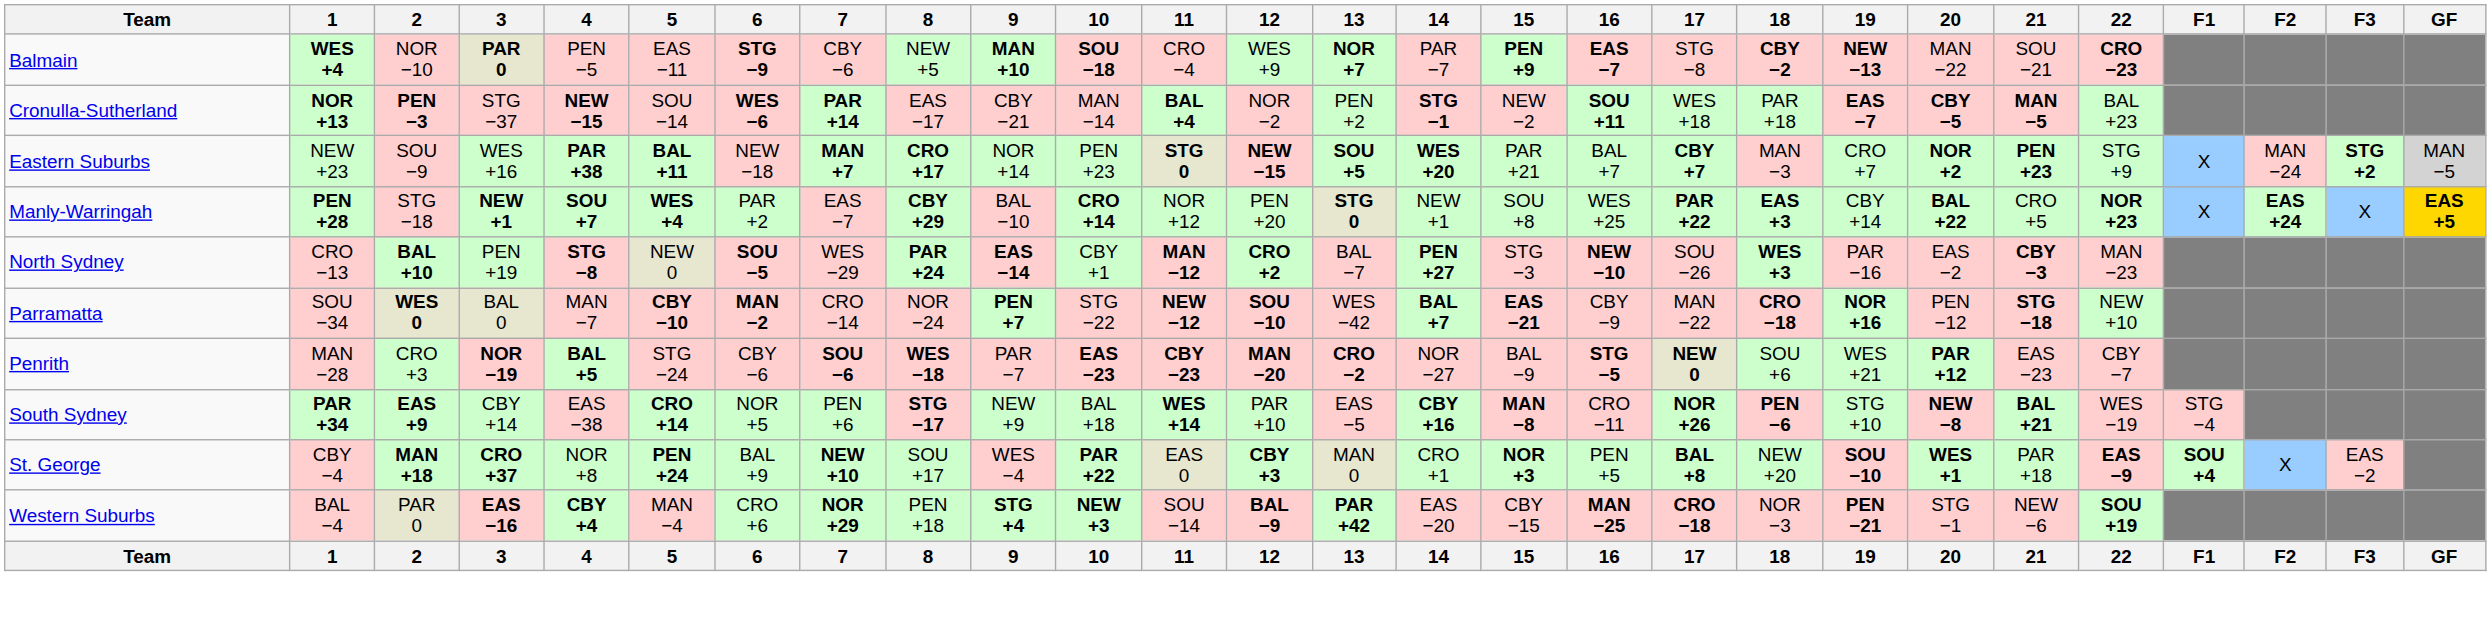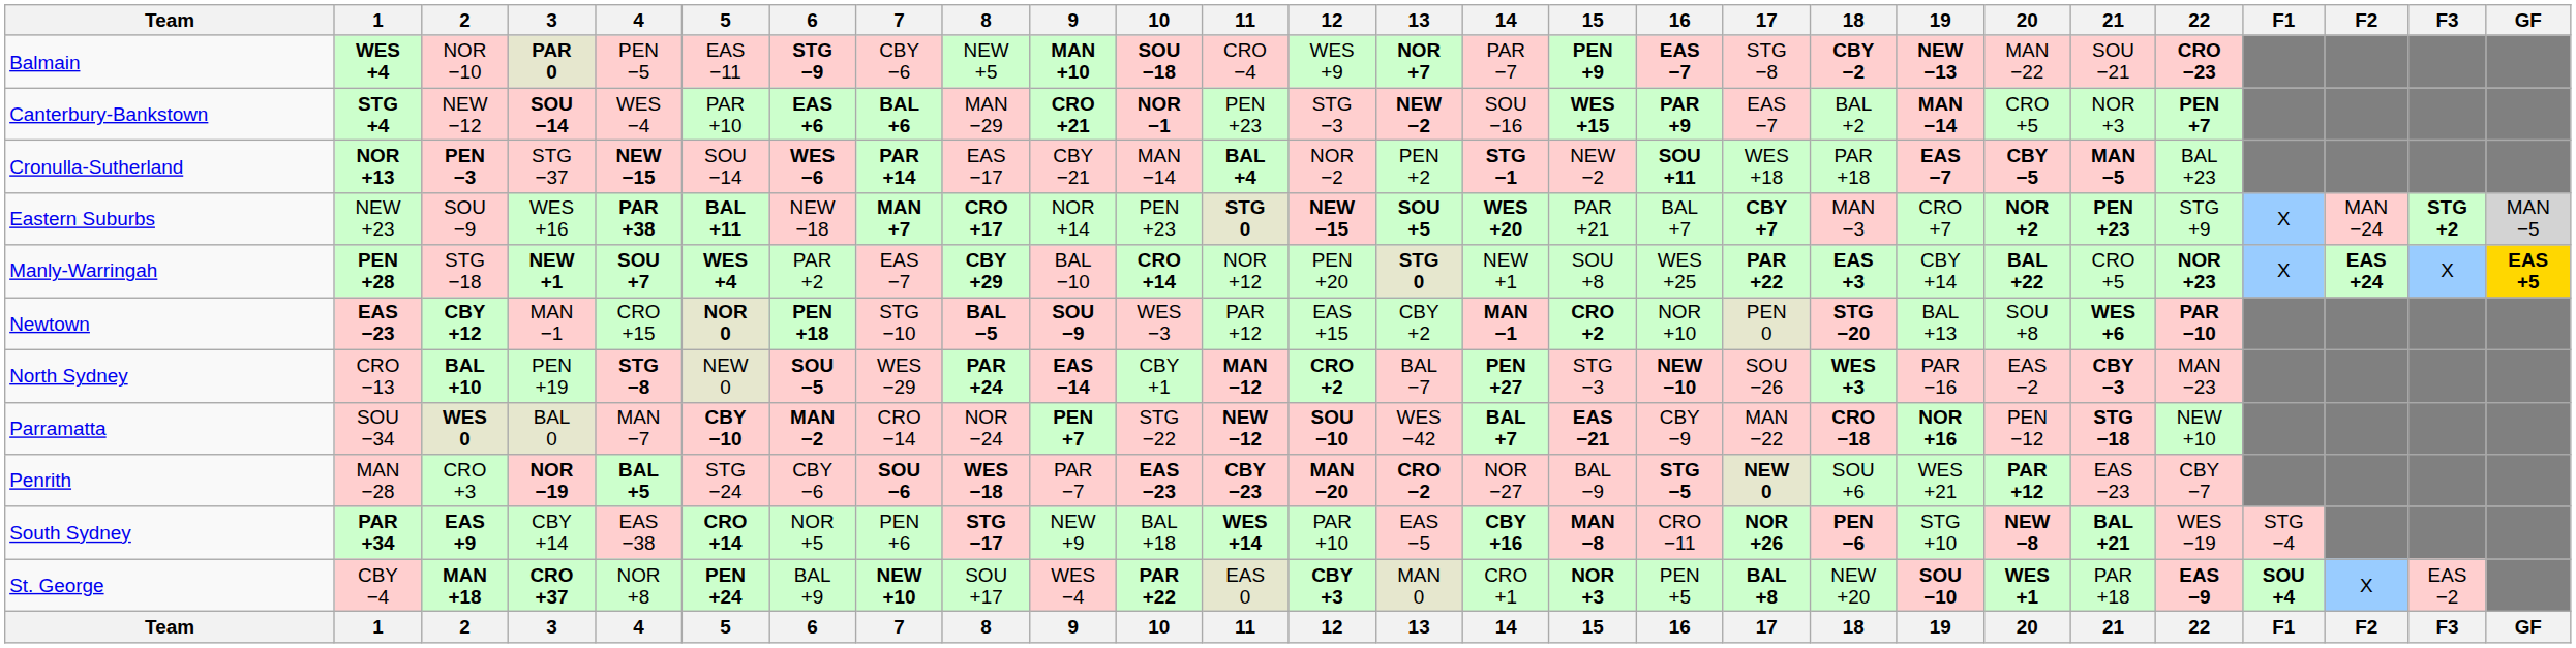 <table class="wikitable sortable" style="font-size:85%; text-align:center; width:90%">
 <tr valign="top">
 <th valign="middle">Team</th>
 <th>1</th>
 <th>2</th>
 <th>3</th>
 <th>4</th>
 <th>5</th>
 <th>6</th>
 <th>7</th>
 <th>8</th>
 <th>9</th>
 <th>10</th>
 <th>11</th>
 <th>12</th>
 <th>13</th>
 <th>14</th>
 <th>15</th>
 <th>16</th>
 <th>17</th>
 <th>18</th>
 <th>19</th>
 <th>20</th>
 <th>21</th>
 <th>22</th>
 <th>F1</th>
 <th>F2</th>
 <th>F3</th>
 <th>GF</th>
 </tr>
 <tr>
 <td align="left"><a href='#'>Balmain</a></td>
 <td style="background:#cfc;"><strong>WES<br>+4</strong></td>
 <td style="background:#FFCFCF;">NOR<br>−10</td>
 <td style="background:#E6E7CE"><strong>PAR<br>0</strong></td>
 <td style="background:#FFCFCF;">PEN<br>−5</td>
 <td style="background:#FFCFCF;">EAS<br>−11</td>
 <td style="background:#FFCFCF;"><strong>STG<br>−9</strong></td>
 <td style="background:#FFCFCF;">CBY<br>−6</td>
 <td style="background:#cfc;">NEW<br>+5</td>
 <td style="background:#cfc;"><strong>MAN<br>+10</strong></td>
 <td style="background:#FFCFCF;"><strong>SOU<br>−18</strong></td>
 <td style="background:#FFCFCF;">CRO<br>−4</td>
 <td style="background:#cfc;">WES<br>+9</td>
 <td style="background:#cfc;"><strong>NOR<br>+7</strong></td>
 <td style="background:#FFCFCF;">PAR<br>−7</td>
 <td style="background:#cfc;"><strong>PEN<br>+9</strong></td>
 <td style="background:#FFCFCF;"><strong>EAS<br>−7</strong></td>
 <td style="background:#FFCFCF;">STG<br>−8</td>
 <td style="background:#FFCFCF;"><strong>CBY<br>−2</strong></td>
 <td style="background:#FFCFCF;"><strong>NEW<br>−13</strong></td>
 <td style="background:#FFCFCF;">MAN<br>−22</td>
 <td style="background:#FFCFCF;">SOU<br>−21</td>
 <td style="background:#FFCFCF;"><strong>CRO<br>−23</strong></td>
+<td style="background:#808080;"></td>
+<td style="background:#808080;"></td>
+<td style="background:#808080;"></td>
+<td style="background:#808080;"></td>
+</tr>
+<tr>
+<td align="left"><a href='#'>Canterbury-Bankstown</a></td>
+<td style="background:#cfc;"><strong>STG<br>+4</strong></td>
+<td style="background:#FFCFCF;">NEW<br>−12</td>
+<td style="background:#FFCFCF;"><strong>SOU<br>−14</strong></td>
+<td style="background:#FFCFCF;">WES<br>−4</td>
+<td style="background:#cfc;">PAR<br>+10</td>
+<td style="background:#cfc;"><strong>EAS<br>+6</strong></td>
+<td style="background:#cfc;"><strong>BAL<br>+6</strong></td>
+<td style="background:#FFCFCF;">MAN<br>−29</td>
+<td style="background:#cfc;"><strong>CRO<br>+21</strong></td>
+<td style="background:#FFCFCF;"><strong>NOR<br>−1</strong></td>
+<td style="background:#cfc;">PEN<br>+23</td>
+<td style="background:#FFCFCF;">STG<br>−3</td>
+<td style="background:#FFCFCF;"><strong>NEW<br>−2</strong></td>
+<td style="background:#FFCFCF;">SOU<br>−16</td>
+<td style="background:#cfc;"><strong>WES<br>+15</strong></td>
+<td style="background:#cfc;"><strong>PAR<br>+9</strong></td>
+<td style="background:#FFCFCF;">EAS<br>−7</td>
+<td style="background:#cfc;">BAL<br>+2</td>
+<td style="background:#FFCFCF;"><strong>MAN<br>−14</strong></td>
+<td style="background:#cfc;">CRO<br>+5</td>
+<td style="background:#cfc;">NOR<br>+3</td>
+<td style="background:#cfc;"><strong>PEN<br>+7</strong></td>
 <td style="background:#808080;"></td>
 <td style="background:#808080;"></td>
 <td style="background:#808080;"></td>
 <td style="background:#808080;"></td>
 </tr>
 <tr>
 <td align="left"><a href='#'>Cronulla-Sutherland</a></td>
 <td style="background:#cfc;"><strong>NOR<br>+13</strong></td>
 <td style="background:#FFCFCF;"><strong>PEN<br>−3</strong></td>
 <td style="background:#FFCFCF;">STG<br>−37</td>
 <td style="background:#FFCFCF;"><strong>NEW<br>−15</strong></td>
 <td style="background:#FFCFCF;">SOU<br>−14</td>
 <td style="background:#FFCFCF;"><strong>WES<br>−6</strong></td>
 <td style="background:#cfc;"><strong>PAR<br>+14</strong></td>
 <td style="background:#FFCFCF;">EAS<br>−17</td>
 <td style="background:#FFCFCF;">CBY<br>−21</td>
 <td style="background:#FFCFCF;">MAN<br>−14</td>
 <td style="background:#cfc;"><strong>BAL<br>+4</strong></td>
 <td style="background:#FFCFCF;">NOR<br>−2</td>
 <td style="background:#cfc;">PEN<br>+2</td>
 <td style="background:#FFCFCF;"><strong>STG<br>−1</strong></td>
 <td style="background:#FFCFCF;">NEW<br>−2</td>
 <td style="background:#cfc;"><strong>SOU<br>+11</strong></td>
 <td style="background:#cfc;">WES<br>+18</td>
 <td style="background:#cfc;">PAR<br>+18</td>
 <td style="background:#FFCFCF;"><strong>EAS<br>−7</strong></td>
 <td style="background:#FFCFCF;"><strong>CBY<br>−5</strong></td>
 <td style="background:#FFCFCF;"><strong>MAN<br>−5</strong></td>
 <td style="background:#cfc;">BAL<br>+23</td>
 <td style="background:#808080;"></td>
 <td style="background:#808080;"></td>
 <td style="background:#808080;"></td>
 <td style="background:#808080;"></td>
 </tr>
 <tr>
 <td align="left"><a href='#'>Eastern Suburbs</a></td>
 <td style="background:#cfc;">NEW<br>+23</td>
 <td style="background:#FFCFCF;">SOU<br>−9</td>
 <td style="background:#cfc;">WES<br>+16</td>
 <td style="background:#cfc;"><strong>PAR<br>+38</strong></td>
 <td style="background:#cfc;"><strong>BAL<br>+11</strong></td>
 <td style="background:#FFCFCF;">NEW<br>−18</td>
 <td style="background:#cfc;"><strong>MAN<br>+7</strong></td>
 <td style="background:#cfc;"><strong>CRO<br>+17</strong></td>
 <td style="background:#cfc;">NOR<br>+14</td>
 <td style="background:#cfc;">PEN<br>+23</td>
 <td style="background:#E6E7CE"><strong>STG<br>0</strong></td>
 <td style="background:#FFCFCF;"><strong>NEW<br>−15</strong></td>
 <td style="background:#cfc;"><strong>SOU<br>+5</strong></td>
 <td style="background:#cfc;"><strong>WES<br>+20</strong></td>
 <td style="background:#cfc;">PAR<br>+21</td>
 <td style="background:#cfc;">BAL<br>+7</td>
 <td style="background:#cfc;"><strong>CBY<br>+7</strong></td>
 <td style="background:#FFCFCF;">MAN<br>−3</td>
 <td style="background:#cfc;">CRO<br>+7</td>
 <td style="background:#cfc;"><strong>NOR<br>+2</strong></td>
 <td style="background:#cfc;"><strong>PEN<br>+23</strong></td>
 <td style="background:#cfc;">STG<br>+9</td>
 <td style="background:#99ccff;">X</td>
 <td style="background:#FFCFCF;">MAN<br>−24</td>
 <td style="background:#cfc;"><strong>STG<br>+2</strong></td>
 <td style="background:#D3D3D3;">MAN<br>−5</td>
 </tr>
 <tr>
 <td align="left"><a href='#'>Manly-Warringah</a></td>
 <td style="background:#cfc;"><strong>PEN<br>+28</strong></td>
 <td style="background:#FFCFCF;">STG<br>−18</td>
 <td style="background:#cfc;"><strong>NEW<br>+1</strong></td>
 <td style="background:#cfc;"><strong>SOU<br>+7</strong></td>
 <td style="background:#cfc;"><strong>WES<br>+4</strong></td>
 <td style="background:#cfc;">PAR<br>+2</td>
 <td style="background:#FFCFCF;">EAS<br>−7</td>
 <td style="background:#cfc;"><strong>CBY<br>+29</strong></td>
 <td style="background:#FFCFCF;">BAL<br>−10</td>
 <td style="background:#cfc;"><strong>CRO<br>+14</strong></td>
 <td style="background:#cfc;">NOR<br>+12</td>
 <td style="background:#cfc;">PEN<br>+20</td>
 <td style="background:#E6E7CE"><strong>STG<br>0</strong></td>
 <td style="background:#cfc;">NEW<br>+1</td>
 <td style="background:#cfc;">SOU<br>+8</td>
 <td style="background:#cfc;">WES<br>+25</td>
 <td style="background:#cfc;"><strong>PAR<br>+22</strong></td>
 <td style="background:#cfc;"><strong>EAS<br>+3</strong></td>
 <td style="background:#cfc;">CBY<br>+14</td>
 <td style="background:#cfc;"><strong>BAL<br>+22</strong></td>
 <td style="background:#cfc;">CRO<br>+5</td>
 <td style="background:#cfc;"><strong>NOR<br>+23</strong></td>
 <td style="background:#99ccff;">X</td>
 <td style="background:#cfc;"><strong>EAS<br>+24</strong></td>
 <td style="background:#99ccff;">X</td>
 <td style="background:#FFD700;"><strong>EAS<br>+5</strong></td>
+</tr>
+<tr>
+<td align="left"><a href='#'>Newtown</a></td>
+<td style="background:#FFCFCF;"><strong>EAS<br>−23</strong></td>
+<td style="background:#cfc;"><strong>CBY<br>+12</strong></td>
+<td style="background:#FFCFCF;">MAN<br>−1</td>
+<td style="background:#cfc;">CRO<br>+15</td>
+<td style="background:#E6E7CE"><strong>NOR<br>0</strong></td>
+<td style="background:#cfc;"><strong>PEN<br>+18</strong></td>
+<td style="background:#FFCFCF;">STG<br>−10</td>
+<td style="background:#FFCFCF;"><strong>BAL<br>−5</strong></td>
+<td style="background:#FFCFCF;"><strong>SOU<br>−9</strong></td>
+<td style="background:#FFCFCF;">WES<br>−3</td>
+<td style="background:#cfc;">PAR<br>+12</td>
+<td style="background:#cfc;">EAS<br>+15</td>
+<td style="background:#cfc;">CBY<br>+2</td>
+<td style="background:#FFCFCF;"><strong>MAN<br>−1</strong></td>
+<td style="background:#cfc;"><strong>CRO<br>+2</strong></td>
+<td style="background:#cfc;">NOR<br>+10</td>
+<td style="background:#E6E7CE">PEN<br>0</td>
+<td style="background:#FFCFCF;"><strong>STG<br>−20</strong></td>
+<td style="background:#cfc;">BAL<br>+13</td>
+<td style="background:#cfc;">SOU<br>+8</td>
+<td style="background:#cfc;"><strong>WES<br>+6</strong></td>
+<td style="background:#FFCFCF;"><strong>PAR<br>−10</strong></td>
+<td style="background:#808080;"></td>
+<td style="background:#808080;"></td>
+<td style="background:#808080;"></td>
+<td style="background:#808080;"></td>
 </tr>
 <tr>
 <td align="left"><a href='#'>North Sydney</a></td>
 <td style="background:#FFCFCF;">CRO<br>−13</td>
 <td style="background:#cfc;"><strong>BAL<br>+10</strong></td>
 <td style="background:#cfc;">PEN<br>+19</td>
 <td style="background:#FFCFCF;"><strong>STG<br>−8</strong></td>
 <td style="background:#E6E7CE">NEW<br>0</td>
 <td style="background:#FFCFCF;"><strong>SOU<br>−5</strong></td>
 <td style="background:#FFCFCF;">WES<br>−29</td>
 <td style="background:#cfc;"><strong>PAR<br>+24</strong></td>
 <td style="background:#FFCFCF;"><strong>EAS<br>−14</strong></td>
 <td style="background:#cfc;">CBY<br>+1</td>
 <td style="background:#FFCFCF;"><strong>MAN<br>−12</strong></td>
 <td style="background:#cfc;"><strong>CRO<br>+2</strong></td>
 <td style="background:#FFCFCF;">BAL<br>−7</td>
 <td style="background:#cfc;"><strong>PEN<br>+27</strong></td>
 <td style="background:#FFCFCF;">STG<br>−3</td>
 <td style="background:#FFCFCF;"><strong>NEW<br>−10</strong></td>
 <td style="background:#FFCFCF;">SOU<br>−26</td>
 <td style="background:#cfc;"><strong>WES<br>+3</strong></td>
 <td style="background:#FFCFCF;">PAR<br>−16</td>
 <td style="background:#FFCFCF;">EAS<br>−2</td>
 <td style="background:#FFCFCF;"><strong>CBY<br>−3</strong></td>
 <td style="background:#FFCFCF;">MAN<br>−23</td>
 <td style="background:#808080;"></td>
 <td style="background:#808080;"></td>
 <td style="background:#808080;"></td>
 <td style="background:#808080;"></td>
 </tr>
 <tr>
 <td align="left"><a href='#'>Parramatta</a></td>
 <td style="background:#FFCFCF;">SOU<br>−34</td>
 <td style="background:#E6E7CE"><strong>WES<br>0</strong></td>
 <td style="background:#E6E7CE">BAL<br>0</td>
 <td style="background:#FFCFCF;">MAN<br>−7</td>
 <td style="background:#FFCFCF;"><strong>CBY<br>−10</strong></td>
 <td style="background:#FFCFCF;"><strong>MAN<br>−2</strong></td>
 <td style="background:#FFCFCF;">CRO<br>−14</td>
 <td style="background:#FFCFCF;">NOR<br>−24</td>
 <td style="background:#cfc;"><strong>PEN<br>+7</strong></td>
 <td style="background:#FFCFCF;">STG<br>−22</td>
 <td style="background:#FFCFCF;"><strong>NEW<br>−12</strong></td>
 <td style="background:#FFCFCF;"><strong>SOU<br>−10</strong></td>
 <td style="background:#FFCFCF;">WES<br>−42</td>
 <td style="background:#cfc;"><strong>BAL<br>+7</strong></td>
 <td style="background:#FFCFCF;"><strong>EAS<br>−21</strong></td>
 <td style="background:#FFCFCF;">CBY<br>−9</td>
 <td style="background:#FFCFCF;">MAN<br>−22</td>
 <td style="background:#FFCFCF;"><strong>CRO<br>−18</strong></td>
 <td style="background:#cfc;"><strong>NOR<br>+16</strong></td>
 <td style="background:#FFCFCF;">PEN<br>−12</td>
 <td style="background:#FFCFCF;"><strong>STG<br>−18</strong></td>
 <td style="background:#cfc;">NEW<br>+10</td>
 <td style="background:#808080;"></td>
 <td style="background:#808080;"></td>
 <td style="background:#808080;"></td>
 <td style="background:#808080;"></td>
 </tr>
 <tr>
 <td align="left"><a href='#'>Penrith</a></td>
 <td style="background:#FFCFCF;">MAN<br>−28</td>
 <td style="background:#cfc;">CRO<br>+3</td>
 <td style="background:#FFCFCF;"><strong>NOR<br>−19</strong></td>
 <td style="background:#cfc;"><strong>BAL<br>+5</strong></td>
 <td style="background:#FFCFCF;">STG<br>−24</td>
 <td style="background:#FFCFCF;">CBY<br>−6</td>
 <td style="background:#FFCFCF;"><strong>SOU<br>−6</strong></td>
 <td style="background:#FFCFCF;"><strong>WES<br>−18</strong></td>
 <td style="background:#FFCFCF;">PAR<br>−7</td>
 <td style="background:#FFCFCF;"><strong>EAS<br>−23</strong></td>
 <td style="background:#FFCFCF;"><strong>CBY<br>−23</strong></td>
 <td style="background:#FFCFCF;"><strong>MAN<br>−20</strong></td>
 <td style="background:#FFCFCF;"><strong>CRO<br>−2</strong></td>
 <td style="background:#FFCFCF;">NOR<br>−27</td>
 <td style="background:#FFCFCF;">BAL<br>−9</td>
 <td style="background:#FFCFCF;"><strong>STG<br>−5</strong></td>
 <td style="background:#E6E7CE"><strong>NEW<br>0</strong></td>
 <td style="background:#cfc;">SOU<br>+6</td>
 <td style="background:#cfc;">WES<br>+21</td>
 <td style="background:#cfc;"><strong>PAR<br>+12</strong></td>
 <td style="background:#FFCFCF;">EAS<br>−23</td>
 <td style="background:#FFCFCF;">CBY<br>−7</td>
 <td style="background:#808080;"></td>
 <td style="background:#808080;"></td>
 <td style="background:#808080;"></td>
 <td style="background:#808080;"></td>
 </tr>
 <tr>
 <td align="left"><a href='#'>South Sydney</a></td>
 <td style="background:#cfc;"><strong>PAR<br>+34</strong></td>
 <td style="background:#cfc;"><strong>EAS<br>+9</strong></td>
 <td style="background:#cfc;">CBY<br>+14</td>
 <td style="background:#FFCFCF;">EAS<br>−38</td>
 <td style="background:#cfc;"><strong>CRO<br>+14</strong></td>
 <td style="background:#cfc;">NOR<br>+5</td>
 <td style="background:#cfc;">PEN<br>+6</td>
 <td style="background:#FFCFCF;"><strong>STG<br>−17</strong></td>
 <td style="background:#cfc;">NEW<br>+9</td>
 <td style="background:#cfc;">BAL<br>+18</td>
 <td style="background:#cfc;"><strong>WES<br>+14</strong></td>
 <td style="background:#cfc;">PAR<br>+10</td>
 <td style="background:#FFCFCF;">EAS<br>−5</td>
 <td style="background:#cfc;"><strong>CBY<br>+16</strong></td>
 <td style="background:#FFCFCF;"><strong>MAN<br>−8</strong></td>
 <td style="background:#FFCFCF;">CRO<br>−11</td>
 <td style="background:#cfc;"><strong>NOR<br>+26</strong></td>
 <td style="background:#FFCFCF;"><strong>PEN<br>−6</strong></td>
 <td style="background:#cfc;">STG<br>+10</td>
 <td style="background:#FFCFCF;"><strong>NEW<br>−8</strong></td>
 <td style="background:#cfc;"><strong>BAL<br>+21</strong></td>
 <td style="background:#FFCFCF;">WES<br>−19</td>
 <td style="background:#FFCFCF;">STG<br>−4</td>
 <td style="background:#808080;"></td>
 <td style="background:#808080;"></td>
 <td style="background:#808080;"></td>
 </tr>
 <tr>
 <td align="left"><a href='#'>St. George</a></td>
 <td style="background:#FFCFCF;">CBY<br>−4</td>
 <td style="background:#cfc;"><strong>MAN<br>+18</strong></td>
 <td style="background:#cfc;"><strong>CRO<br>+37</strong></td>
 <td style="background:#cfc;">NOR<br>+8</td>
 <td style="background:#cfc;"><strong>PEN<br>+24</strong></td>
 <td style="background:#cfc;">BAL<br>+9</td>
 <td style="background:#cfc;"><strong>NEW<br>+10</strong></td>
 <td style="background:#cfc;">SOU<br>+17</td>
 <td style="background:#FFCFCF;">WES<br>−4</td>
 <td style="background:#cfc;"><strong>PAR<br>+22</strong></td>
 <td style="background:#E6E7CE">EAS<br>0</td>
 <td style="background:#cfc;"><strong>CBY<br>+3</strong></td>
 <td style="background:#E6E7CE">MAN<br>0</td>
 <td style="background:#cfc;">CRO<br>+1</td>
 <td style="background:#cfc;"><strong>NOR<br>+3</strong></td>
 <td style="background:#cfc;">PEN<br>+5</td>
 <td style="background:#cfc;"><strong>BAL<br>+8</strong></td>
 <td style="background:#cfc;">NEW<br>+20</td>
 <td style="background:#FFCFCF;"><strong>SOU<br>−10</strong></td>
 <td style="background:#cfc;"><strong>WES<br>+1</strong></td>
 <td style="background:#cfc;">PAR<br>+18</td>
 <td style="background:#FFCFCF;"><strong>EAS<br>−9</strong></td>
 <td style="background:#cfc;"><strong>SOU<br>+4</strong></td>
 <td style="background:#99ccff;">X</td>
 <td style="background:#FFCFCF;">EAS<br>−2</td>
 <td style="background:#808080;"></td>
 </tr>
-<tr>
-<td align="left"><a href='#'>Western Suburbs</a></td>
-<td style="background:#FFCFCF;">BAL<br>−4</td>
-<td style="background:#E6E7CE">PAR<br>0</td>
-<td style="background:#FFCFCF;"><strong>EAS<br>−16</strong></td>
-<td style="background:#cfc;"><strong>CBY<br>+4</strong></td>
-<td style="background:#FFCFCF;">MAN<br>−4</td>
-<td style="background:#cfc;">CRO<br>+6</td>
-<td style="background:#cfc;"><strong>NOR<br>+29</strong></td>
-<td style="background:#cfc;">PEN<br>+18</td>
-<td style="background:#cfc;"><strong>STG<br>+4</strong></td>
-<td style="background:#cfc;"><strong>NEW<br>+3</strong></td>
-<td style="background:#FFCFCF;">SOU<br>−14</td>
-<td style="background:#FFCFCF;"><strong>BAL<br>−9</strong></td>
-<td style="background:#cfc;"><strong>PAR<br>+42</strong></td>
-<td style="background:#FFCFCF;">EAS<br>−20</td>
-<td style="background:#FFCFCF;">CBY<br>−15</td>
-<td style="background:#FFCFCF;"><strong>MAN<br>−25</strong></td>
-<td style="background:#FFCFCF;"><strong>CRO<br>−18</strong></td>
-<td style="background:#FFCFCF;">NOR<br>−3</td>
-<td style="background:#FFCFCF;"><strong>PEN<br>−21</strong></td>
-<td style="background:#FFCFCF;">STG<br>−1</td>
-<td style="background:#FFCFCF;">NEW<br>−6</td>
-<td style="background:#cfc;"><strong>SOU<br>+19</strong></td>
-<td style="background:#808080;"></td>
-<td style="background:#808080;"></td>
-<td style="background:#808080;"></td>
-<td style="background:#808080;"></td>
-</tr>
 <tr valign="top">
 <th valign="middle">Team</th>
 <th>1</th>
 <th>2</th>
 <th>3</th>
 <th>4</th>
 <th>5</th>
 <th>6</th>
 <th>7</th>
 <th>8</th>
 <th>9</th>
 <th>10</th>
 <th>11</th>
 <th>12</th>
 <th>13</th>
 <th>14</th>
 <th>15</th>
 <th>16</th>
 <th>17</th>
 <th>18</th>
 <th>19</th>
 <th>20</th>
 <th>21</th>
 <th>22</th>
 <th>F1</th>
 <th>F2</th>
 <th>F3</th>
 <th>GF</th>
 </tr>
 </table>
